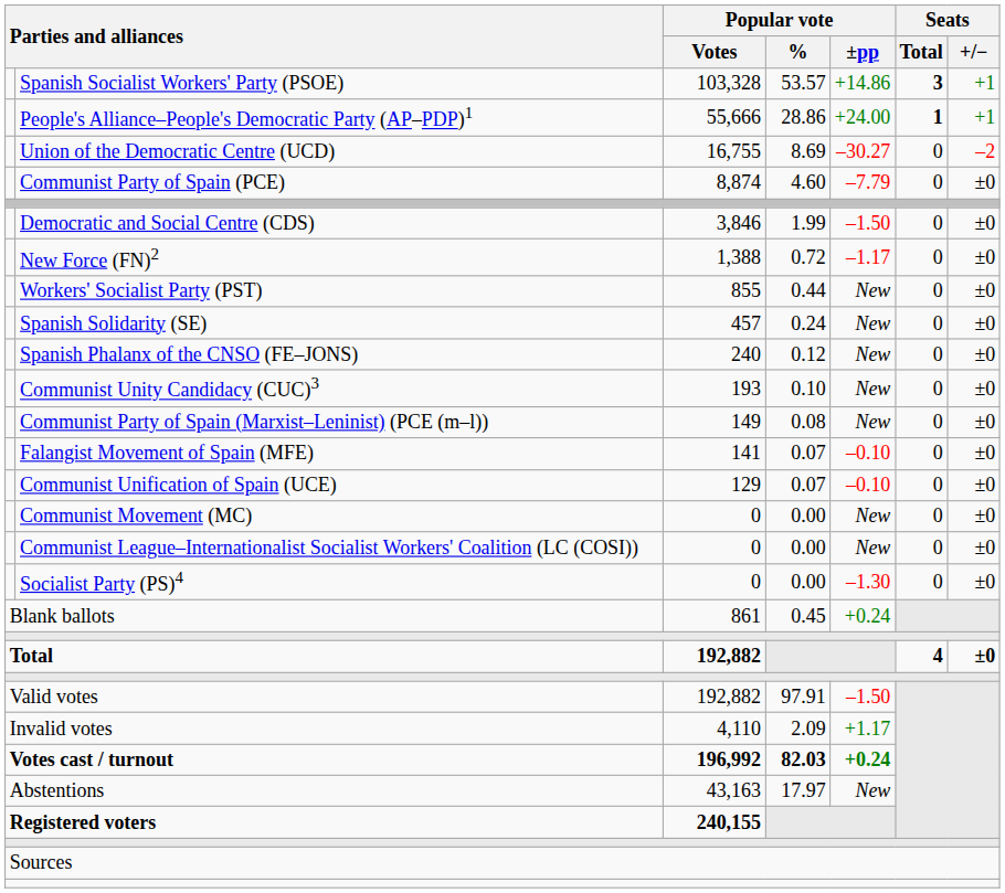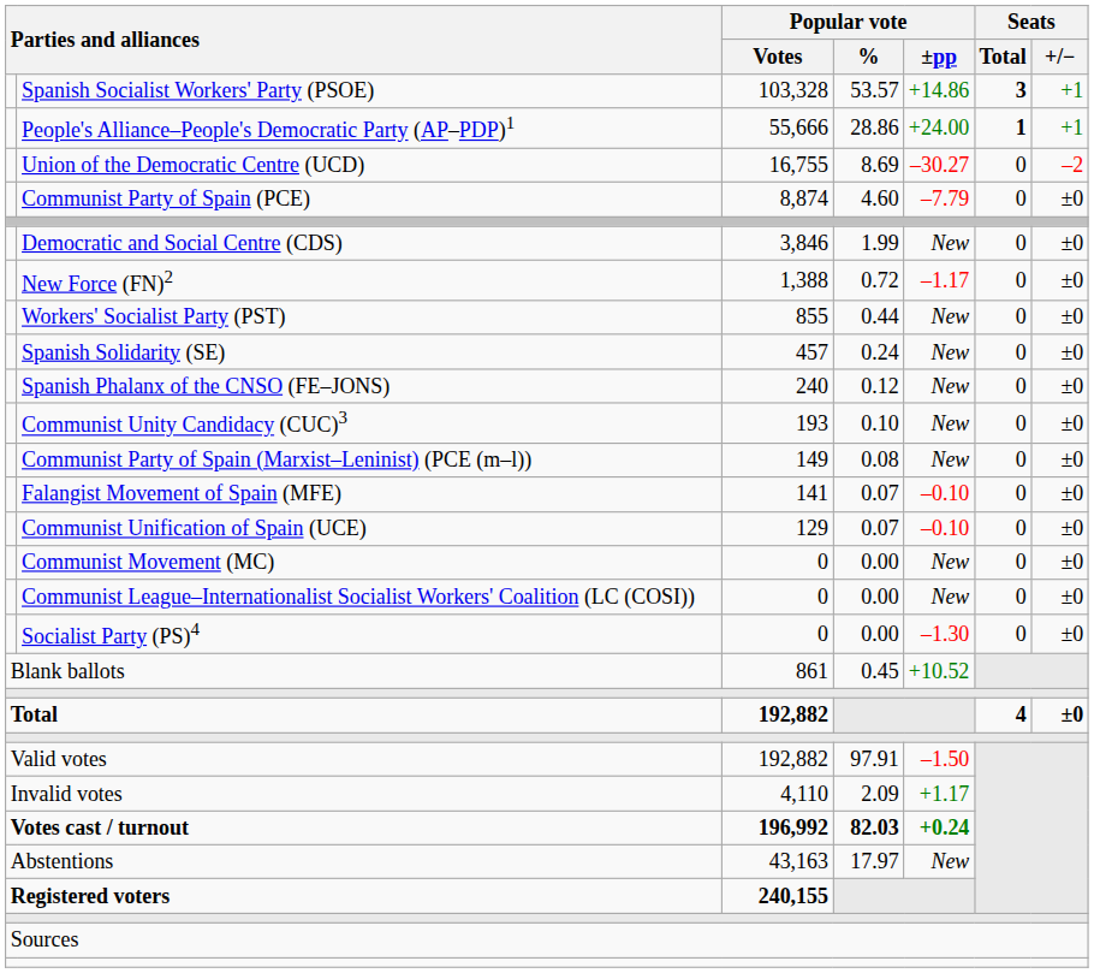 <table class="wikitable" style="text-align:right;">
 <tr>
 <th style="text-align:left;" rowspan="2" colspan="2" width="525">Parties and alliances</th>
 <th colspan="3">Popular vote</th>
 <th colspan="2">Seats</th>
 </tr>
 <tr>
 <th width="75">Votes</th>
 <th width="45">%</th>
 <th width="45">±<a href='#'>pp</a></th>
 <th width="35">Total</th>
 <th width="35">+/−</th>
 </tr>
 <tr>
 <td width="1" style="color:inherit;background:"></td>
 <td align="left"><a href='#'>Spanish Socialist Workers' Party</a> (PSOE)</td>
 <td>103,328</td>
 <td>53.57</td>
 <td style="color:green;">+14.86</td>
 <td><strong>3</strong></td>
 <td style="color:green;">+1</td>
 </tr>
 <tr>
 <td style="color:inherit;background:"></td>
 <td align="left"><a href='#'>People's Alliance–People's Democratic Party</a> (<a href='#'>AP</a>–<a href='#'>PDP</a>)<sup>1</sup></td>
 <td>55,666</td>
 <td>28.86</td>
 <td style="color:green;">+24.00</td>
 <td><strong>1</strong></td>
 <td style="color:green;">+1</td>
 </tr>
 <tr>
 <td style="color:inherit;background:"></td>
 <td align="left"><a href='#'>Union of the Democratic Centre</a> (UCD)</td>
 <td>16,755</td>
 <td>8.69</td>
 <td style="color:red;">–30.27</td>
 <td>0</td>
 <td style="color:red;">–2</td>
 </tr>
 <tr>
 <td style="color:inherit;background:"></td>
 <td align="left"><a href='#'>Communist Party of Spain</a> (PCE)</td>
 <td>8,874</td>
 <td>4.60</td>
 <td style="color:red;">–7.79</td>
 <td>0</td>
 <td>±0</td>
 </tr>
 <tr>
 <td colspan="7" bgcolor="#C0C0C0"></td>
 </tr>
 <tr>
 <td style="color:inherit;background:"></td>
 <td align="left"><a href='#'>Democratic and Social Centre</a> (CDS)</td>
 <td>3,846</td>
 <td>1.99</td>
-<td style="color:red;">–1.50</td>
+<td><em>New</em></td>
 <td>0</td>
 <td>±0</td>
 </tr>
 <tr>
 <td style="color:inherit;background:"></td>
 <td align="left"><a href='#'>New Force</a> (FN)<sup>2</sup></td>
 <td>1,388</td>
 <td>0.72</td>
 <td style="color:red;">–1.17</td>
 <td>0</td>
 <td>±0</td>
 </tr>
 <tr>
 <td style="color:inherit;background:"></td>
 <td align="left"><a href='#'>Workers' Socialist Party</a> (PST)</td>
 <td>855</td>
 <td>0.44</td>
 <td><em>New</em></td>
 <td>0</td>
 <td>±0</td>
 </tr>
 <tr>
 <td style="color:inherit;background:"></td>
 <td align="left"><a href='#'>Spanish Solidarity</a> (SE)</td>
 <td>457</td>
 <td>0.24</td>
 <td><em>New</em></td>
 <td>0</td>
 <td>±0</td>
 </tr>
 <tr>
 <td style="color:inherit;background:"></td>
 <td align="left"><a href='#'>Spanish Phalanx of the CNSO</a> (FE–JONS)</td>
 <td>240</td>
 <td>0.12</td>
 <td><em>New</em></td>
 <td>0</td>
 <td>±0</td>
 </tr>
 <tr>
 <td style="color:inherit;background:"></td>
 <td align="left"><a href='#'>Communist Unity Candidacy</a> (CUC)<sup>3</sup></td>
 <td>193</td>
 <td>0.10</td>
 <td><em>New</em></td>
 <td>0</td>
 <td>±0</td>
 </tr>
 <tr>
 <td style="color:inherit;background:"></td>
 <td align="left"><a href='#'>Communist Party of Spain (Marxist–Leninist)</a> (PCE (m–l))</td>
 <td>149</td>
 <td>0.08</td>
 <td><em>New</em></td>
 <td>0</td>
 <td>±0</td>
 </tr>
 <tr>
 <td style="color:inherit;background:"></td>
 <td align="left"><a href='#'>Falangist Movement of Spain</a> (MFE)</td>
 <td>141</td>
 <td>0.07</td>
 <td style="color:red;">–0.10</td>
 <td>0</td>
 <td>±0</td>
 </tr>
 <tr>
 <td style="color:inherit;background:"></td>
 <td align="left"><a href='#'>Communist Unification of Spain</a> (UCE)</td>
 <td>129</td>
 <td>0.07</td>
 <td style="color:red;">–0.10</td>
 <td>0</td>
 <td>±0</td>
 </tr>
 <tr>
 <td style="color:inherit;background:"></td>
 <td align="left"><a href='#'>Communist Movement</a> (MC)</td>
 <td>0</td>
 <td>0.00</td>
 <td><em>New</em></td>
 <td>0</td>
 <td>±0</td>
 </tr>
 <tr>
 <td style="color:inherit;background:"></td>
 <td align="left"><a href='#'>Communist League–Internationalist Socialist Workers' Coalition</a> (LC (COSI))</td>
 <td>0</td>
 <td>0.00</td>
 <td><em>New</em></td>
 <td>0</td>
 <td>±0</td>
 </tr>
 <tr>
 <td style="color:inherit;background:"></td>
 <td align="left"><a href='#'>Socialist Party</a> (PS)<sup>4</sup></td>
 <td>0</td>
 <td>0.00</td>
 <td style="color:red;">–1.30</td>
 <td>0</td>
 <td>±0</td>
 </tr>
 <tr>
 <td align="left" colspan="2">Blank ballots</td>
 <td>861</td>
 <td>0.45</td>
-<td style="color:green;">+0.24</td>
+<td style="color:green;">+10.52</td>
 <td bgcolor="#E9E9E9" colspan="2"></td>
 </tr>
 <tr>
 <td colspan="7" bgcolor="#E9E9E9"></td>
 </tr>
 <tr style="font-weight:bold;">
 <td align="left" colspan="2">Total</td>
 <td>192,882</td>
 <td bgcolor="#E9E9E9" colspan="2"></td>
 <td>4</td>
 <td>±0</td>
 </tr>
 <tr>
 <td colspan="7" bgcolor="#E9E9E9"></td>
 </tr>
 <tr>
 <td align="left" colspan="2">Valid votes</td>
 <td>192,882</td>
 <td>97.91</td>
 <td style="color:red;">–1.50</td>
 <td bgcolor="#E9E9E9" colspan="2" rowspan="5"></td>
 </tr>
 <tr>
 <td align="left" colspan="2">Invalid votes</td>
 <td>4,110</td>
 <td>2.09</td>
 <td style="color:green;">+1.17</td>
 </tr>
 <tr style="font-weight:bold;">
 <td align="left" colspan="2">Votes cast / turnout</td>
 <td>196,992</td>
 <td>82.03</td>
 <td style="color:green;">+0.24</td>
 </tr>
 <tr>
 <td align="left" colspan="2">Abstentions</td>
 <td>43,163</td>
 <td>17.97</td>
 <td><em>New</em></td>
 </tr>
 <tr style="font-weight:bold;">
 <td align="left" colspan="2">Registered voters</td>
 <td>240,155</td>
 <td bgcolor="#E9E9E9" colspan="2"></td>
 </tr>
 <tr>
 <td colspan="7" bgcolor="#E9E9E9"></td>
 </tr>
 <tr>
 <td align="left" colspan="7">Sources</td>
 </tr>
 <tr>
 <td colspan="7" style="text-align:left; max-width:790px;"></td>
 </tr>
 </table>
